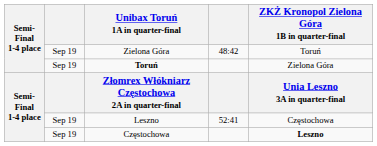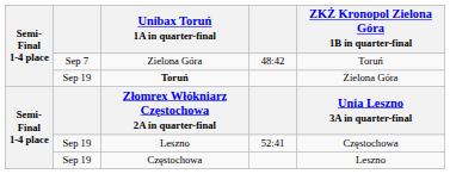 <table align="center" cellspacing="0" cellpadding="3" style="background-color: #f9f9f9; font-size: 90%; text-align: center" class="wikitable">
 <tr style="background:#F0F0F0;">
 <th width=60px rowspan=3>Semi-Final <br>1-4 place</th>
 <th width=60px></th>
 <th width=200px><big><a href='#'>Unibax Toruń</a> <br><small>1A in quarter-final</small></big></th>
 <th width=60px><big></big></th>
 <th width=200px><big><a href='#'>ZKŻ Kronopol Zielona Góra</a> <br><small>1B in quarter-final</small></big></th>
 </tr>
 <tr>
-<td>Sep 19</td>
+<td>Sep 7</td>
 <td>Zielona Góra</td>
 <td>48:42</td>
 <td>Toruń</td>
 </tr>
 <tr>
 <td>Sep 19</td>
 <td><strong>Toruń</strong></td>
 <td></td>
 <td>Zielona Góra</td>
 </tr>
 <tr style="background:#F0F0F0;">
 <th rowspan=3>Semi-Final <br>1-4 place</th>
 <th></th>
 <th><big><a href='#'>Złomrex Włókniarz Częstochowa</a> <br><small>2A in quarter-final</small></big></th>
 <th><big></big></th>
 <th><big><a href='#'>Unia Leszno</a> <br><small>3A in quarter-final</small></big></th>
 </tr>
 <tr>
 <td>Sep 19</td>
 <td>Leszno</td>
 <td>52:41</td>
 <td>Częstochowa</td>
 </tr>
 <tr>
 <td>Sep 19</td>
 <td>Częstochowa</td>
 <td></td>
-<td><strong>Leszno</strong></td>
+<td>Leszno</td>
 </tr>
 </table>
